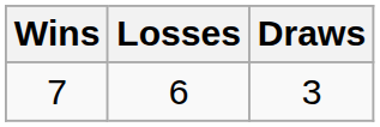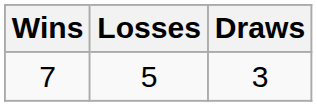 <table class="wikitable">
 <tr>
 <th>Wins</th>
 <th>Losses</th>
 <th>Draws</th>
 </tr>
 <tr>
 <td align=center>7</td>
-<td align=center>6</td>
+<td align=center>5</td>
 <td align=center>3</td>
 </tr>
 </table>
